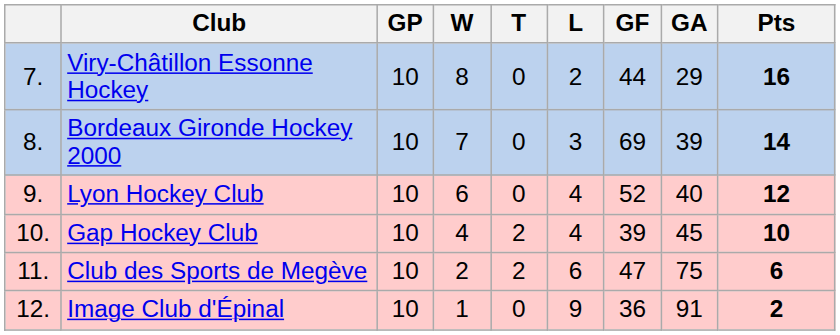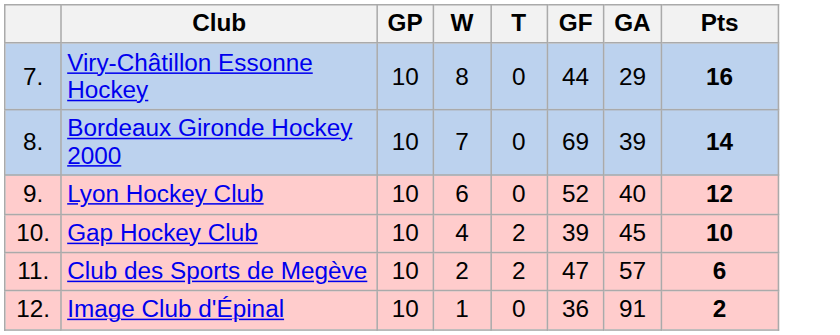 <table class="wikitable">
 <tr>
 <th width="30"></th>
 <th width="200">Club</th>
 <th width="30">GP</th>
 <th width="30">W</th>
 <th width="30">T</th>
-<th width="30">L</th>
 <th width="30">GF</th>
 <th width="30">GA</th>
 <th width="70">Pts</th>
 </tr>
 <tr bgcolor="#BCD2EE" align="center">
 <td>7.</td>
 <td align="left"><a href='#'>Viry-Châtillon Essonne Hockey&lrm;</a></td>
 <td>10</td>
 <td>8</td>
 <td>0</td>
-<td>2</td>
 <td>44</td>
 <td>29</td>
 <td><strong>16</strong></td>
 </tr>
 <tr bgcolor="#BCD2EE" align="center">
 <td>8.</td>
 <td align="left"><a href='#'>Bordeaux Gironde Hockey 2000</a></td>
 <td>10</td>
 <td>7</td>
 <td>0</td>
-<td>3</td>
 <td>69</td>
 <td>39</td>
 <td><strong>14</strong></td>
 </tr>
 <tr bgcolor="#FFCCCC" align="center">
 <td>9.</td>
 <td align="left"><a href='#'>Lyon Hockey Club</a></td>
 <td>10</td>
 <td>6</td>
 <td>0</td>
-<td>4</td>
 <td>52</td>
 <td>40</td>
 <td><strong>12</strong></td>
 </tr>
 <tr bgcolor="#FFCCCC" align="center">
 <td>10.</td>
 <td align="left"><a href='#'>Gap Hockey Club</a></td>
 <td>10</td>
 <td>4</td>
 <td>2</td>
-<td>4</td>
 <td>39</td>
 <td>45</td>
 <td><strong>10</strong></td>
 </tr>
 <tr bgcolor="#FFCCCC" align="center">
 <td>11.</td>
 <td align="left"><a href='#'>Club des Sports de Megève</a></td>
 <td>10</td>
 <td>2</td>
 <td>2</td>
-<td>6</td>
 <td>47</td>
-<td>75</td>
+<td>57</td>
 <td><strong>6</strong></td>
 </tr>
 <tr bgcolor="#FFCCCC" align="center">
 <td>12.</td>
 <td align="left"><a href='#'>Image Club d'Épinal</a></td>
 <td>10</td>
 <td>1</td>
 <td>0</td>
-<td>9</td>
 <td>36</td>
 <td>91</td>
 <td><strong>2</strong></td>
 </tr>
 </table>
